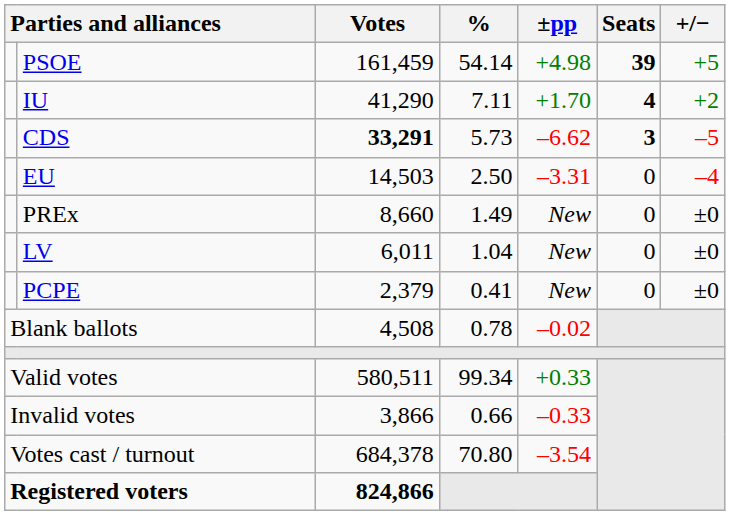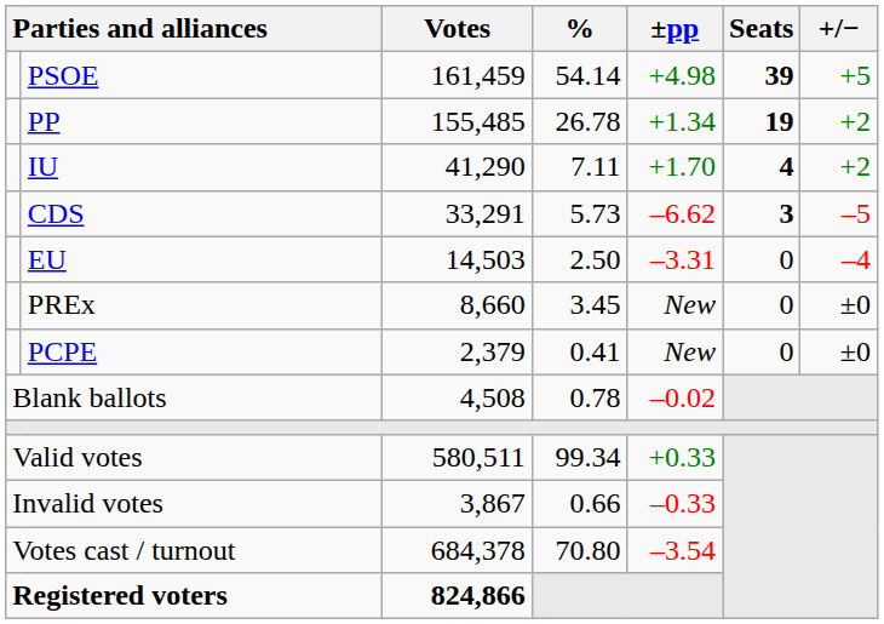 <table class="wikitable" style="text-align:right;">
 <tr>
 <th style="text-align:left;" colspan="2" width="200">Parties and alliances</th>
 <th width="75">Votes</th>
 <th width="45">%</th>
 <th width="45">±<a href='#'>pp</a></th>
 <th width="35">Seats</th>
 <th width="35">+/−</th>
 </tr>
 <tr>
 <td width="1" style="color:inherit;background:"></td>
 <td align="left"><a href='#'>PSOE</a></td>
 <td>161,459</td>
 <td>54.14</td>
 <td style="color:green;">+4.98</td>
 <td><strong>39</strong></td>
 <td style="color:green;">+5</td>
 </tr>
 <tr>
 <td style="color:inherit;background:"></td>
+<td align="left"><a href='#'>PP</a></td>
+<td>155,485</td>
+<td>26.78</td>
+<td style="color:green;">+1.34</td>
+<td><strong>19</strong></td>
+<td style="color:green;">+2</td>
+</tr>
+<tr>
+<td style="color:inherit;background:"></td>
 <td align="left"><a href='#'>IU</a></td>
 <td>41,290</td>
 <td>7.11</td>
 <td style="color:green;">+1.70</td>
 <td><strong>4</strong></td>
 <td style="color:green;">+2</td>
 </tr>
 <tr>
 <td style="color:inherit;background:"></td>
 <td align="left"><a href='#'>CDS</a></td>
-<td><strong>33,291</strong></td>
+<td>33,291</td>
 <td>5.73</td>
 <td style="color:red;">–6.62</td>
 <td><strong>3</strong></td>
 <td style="color:red;">–5</td>
 </tr>
 <tr>
 <td style="color:inherit;background:"></td>
 <td align="left"><a href='#'>EU</a></td>
 <td>14,503</td>
 <td>2.50</td>
 <td style="color:red;">–3.31</td>
 <td>0</td>
 <td style="color:red;">–4</td>
 </tr>
 <tr>
 <td style="color:inherit;background:"></td>
 <td align="left">PREx</td>
 <td>8,660</td>
-<td>1.49</td>
-<td><em>New</em></td>
-<td>0</td>
-<td>±0</td>
-</tr>
-<tr>
-<td style="color:inherit;background:"></td>
-<td align="left"><a href='#'>LV</a></td>
-<td>6,011</td>
-<td>1.04</td>
+<td>3.45</td>
 <td><em>New</em></td>
 <td>0</td>
 <td>±0</td>
 </tr>
 <tr>
 <td style="color:inherit;background:"></td>
 <td align="left"><a href='#'>PCPE</a></td>
 <td>2,379</td>
 <td>0.41</td>
 <td><em>New</em></td>
 <td>0</td>
 <td>±0</td>
 </tr>
 <tr>
 <td align="left" colspan="2">Blank ballots</td>
 <td>4,508</td>
 <td>0.78</td>
 <td style="color:red;">–0.02</td>
 <td bgcolor="#E9E9E9" colspan="2"></td>
 </tr>
 <tr>
 <td colspan="7" bgcolor="#E9E9E9"></td>
 </tr>
 <tr>
 <td align="left" colspan="2">Valid votes</td>
 <td>580,511</td>
 <td>99.34</td>
 <td style="color:green;">+0.33</td>
 <td bgcolor="#E9E9E9" colspan="2" rowspan="4"></td>
 </tr>
 <tr>
 <td align="left" colspan="2">Invalid votes</td>
-<td>3,866</td>
+<td>3,867</td>
 <td>0.66</td>
 <td style="color:red;">–0.33</td>
 </tr>
 <tr>
 <td align="left" colspan="2">Votes cast / turnout</td>
 <td>684,378</td>
 <td>70.80</td>
 <td style="color:red;">–3.54</td>
 </tr>
 <tr style="font-weight:bold;">
 <td align="left" colspan="2">Registered voters</td>
 <td>824,866</td>
 <td bgcolor="#E9E9E9" colspan="2"></td>
 </tr>
 </table>
